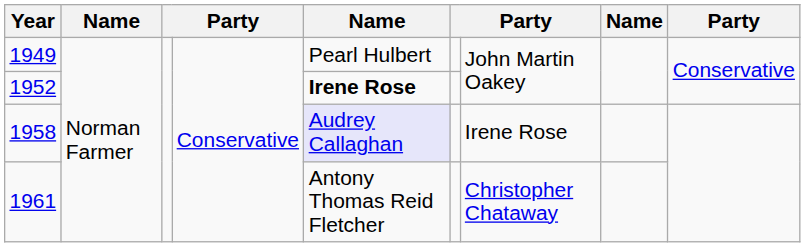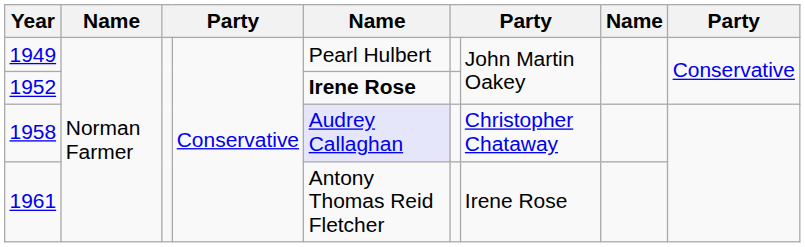 <table class="wikitable">
 <tr>
 <th>Year</th>
 <th>Name</th>
 <th colspan=2>Party</th>
 <th>Name</th>
 <th colspan=2>Party</th>
 <th>Name</th>
 <th colspan=2>Party</th>
 </tr>
 <tr>
 <td><a href='#'>1949</a></td>
 <td rowspan=4>Norman Farmer</td>
 <td rowspan=4 style="background-color: "></td>
 <td rowspan=4><a href='#'>Conservative</a></td>
 <td>Pearl Hulbert</td>
 <td></td>
 <td rowspan=2>John Martin Oakey</td>
 <td rowspan=2 style="background-color: "></td>
 <td rowspan=2><a href='#'>Conservative</a></td>
 </tr>
 <tr>
 <td><a href='#'>1952</a></td>
 <td><strong>Irene Rose</strong></td>
 <td></td>
 </tr>
 <tr>
 <td><a href='#'>1958</a></td>
 <td style="background: lavender;"><a href='#'>Audrey Callaghan</a></td>
 <td></td>
-<td>Irene Rose</td>
+<td><a href='#'>Christopher Chataway</a></td>
 <td></td>
 </tr>
 <tr>
 <td><a href='#'>1961</a></td>
 <td>Antony Thomas Reid Fletcher</td>
 <td></td>
-<td><a href='#'>Christopher Chataway</a></td>
+<td>Irene Rose</td>
 <td></td>
 </tr>
 </table>
